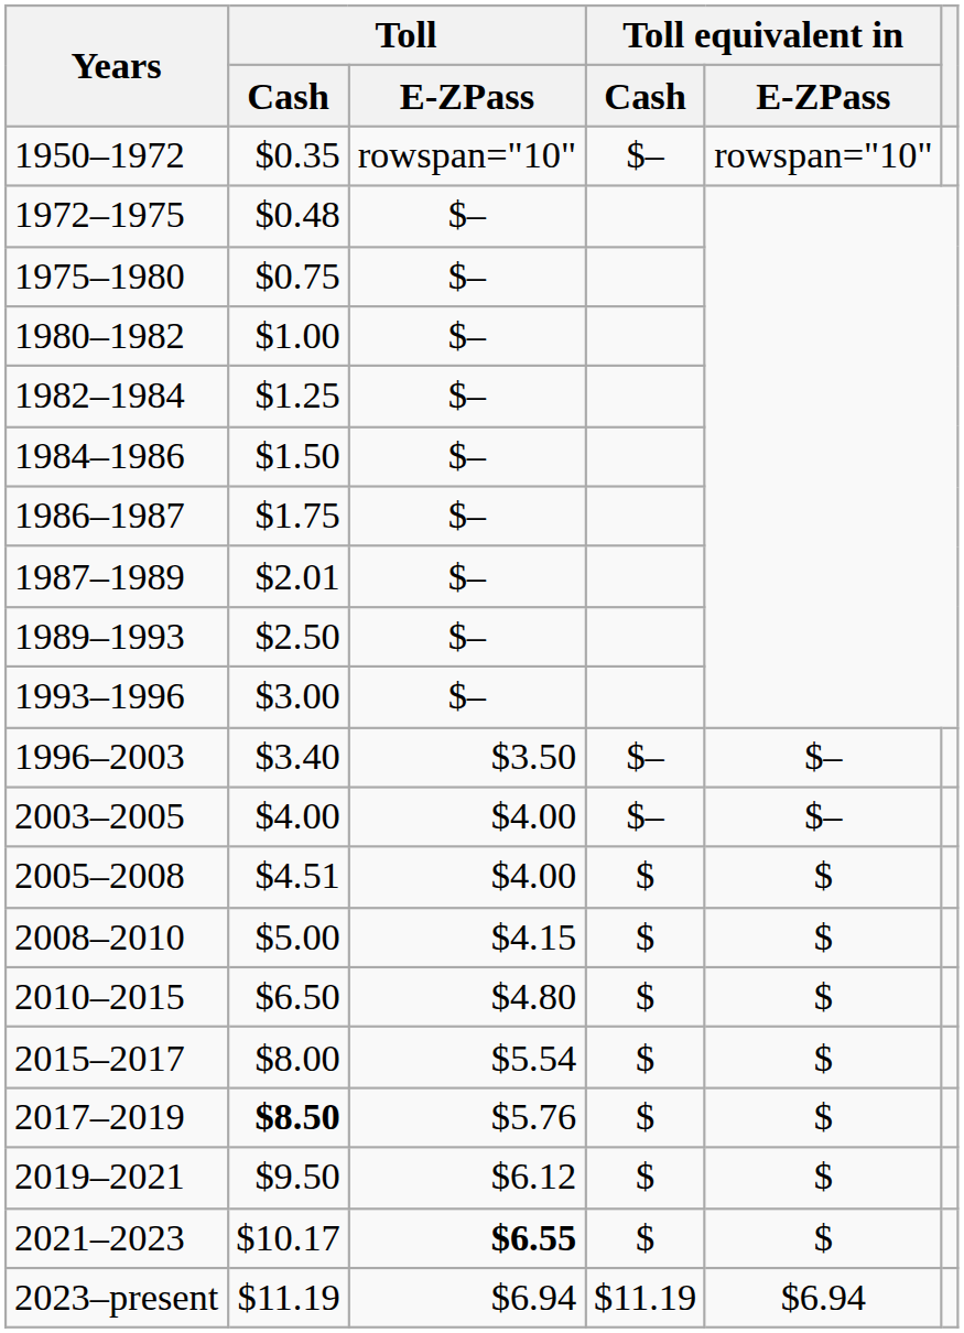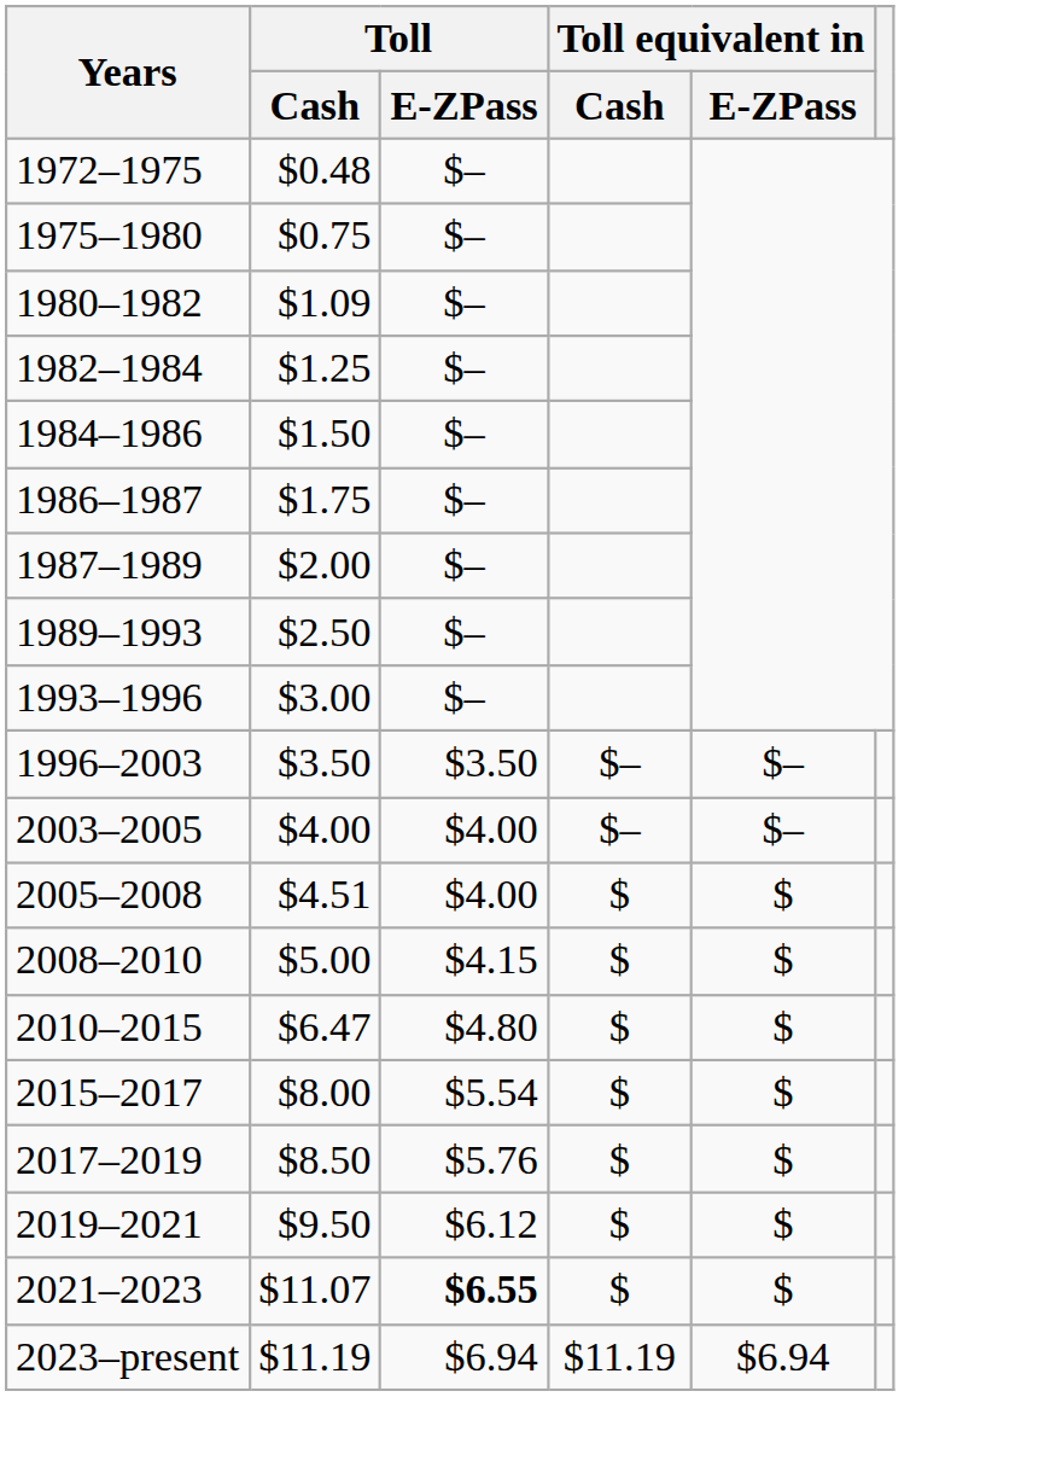 <table class="wikitable sortable">
 <tr>
 <th rowspan="2" scope="col">Years</th>
 <th colspan="2" scope="col">Toll</th>
 <th colspan="2" scope="col">Toll equivalent in </th>
 <th rowspan="2" class="unsortable"></th>
 </tr>
 <tr>
 <th>Cash</th>
 <th>E-ZPass</th>
 <th>Cash</th>
 <th>E-ZPass</th>
-</tr>
-<tr>
-<td>1950–1972</td>
-<td align="right">$0.35</td>
-<td>rowspan="10" </td>
-<td align="center">$–</td>
-<td>rowspan="10" </td>
-<td></td>
 </tr>
 <tr>
 <td>1972–1975</td>
 <td align="right">$0.48</td>
 <td align="center">$–</td>
 <td></td>
 </tr>
 <tr>
 <td>1975–1980</td>
 <td align="right">$0.75</td>
 <td align="center">$–</td>
 <td></td>
 </tr>
 <tr>
 <td>1980–1982</td>
-<td align="right">$1.00</td>
+<td align="right">$1.09</td>
 <td align="center">$–</td>
 <td></td>
 </tr>
 <tr>
 <td>1982–1984</td>
 <td align="right">$1.25</td>
 <td align="center">$–</td>
 <td></td>
 </tr>
 <tr>
 <td>1984–1986</td>
 <td align="right">$1.50</td>
 <td align="center">$–</td>
 <td></td>
 </tr>
 <tr>
 <td>1986–1987</td>
 <td align="right">$1.75</td>
 <td align="center">$–</td>
 <td></td>
 </tr>
 <tr>
 <td>1987–1989</td>
-<td align="right">$2.01</td>
+<td align="right">$2.00</td>
 <td align="center">$–</td>
 <td></td>
 </tr>
 <tr>
 <td>1989–1993</td>
 <td align="right">$2.50</td>
 <td align="center">$–</td>
 <td></td>
 </tr>
 <tr>
 <td>1993–1996</td>
 <td align="right">$3.00</td>
 <td align="center">$–</td>
 <td></td>
 </tr>
 <tr>
 <td>1996–2003</td>
-<td align="right">$3.40</td>
+<td align="right">$3.50</td>
 <td align="right">$3.50</td>
 <td align="center">$–</td>
 <td align="center">$–</td>
 <td></td>
 </tr>
 <tr>
 <td>2003–2005</td>
 <td align="right">$4.00</td>
 <td align="right">$4.00</td>
 <td align="center">$–</td>
 <td align="center">$–</td>
 <td></td>
 </tr>
 <tr>
 <td>2005–2008</td>
 <td align="right">$4.51</td>
 <td align="right">$4.00</td>
 <td align="center">$</td>
 <td align="center">$</td>
 <td></td>
 </tr>
 <tr>
 <td>2008–2010</td>
 <td align="right">$5.00</td>
 <td align="right">$4.15</td>
 <td align="center">$</td>
 <td align="center">$</td>
 <td></td>
 </tr>
 <tr>
 <td>2010–2015</td>
-<td align="right">$6.50</td>
+<td align="right">$6.47</td>
 <td align="right">$4.80</td>
 <td align="center">$</td>
 <td align="center">$</td>
 <td></td>
 </tr>
 <tr>
 <td>2015–2017</td>
 <td align="right">$8.00</td>
 <td align="right">$5.54</td>
 <td align="center">$</td>
 <td align="center">$</td>
 <td></td>
 </tr>
 <tr>
 <td>2017–2019</td>
-<td align="right"><strong>$8.50</strong></td>
+<td align="right">$8.50</td>
 <td align="right">$5.76</td>
 <td align="center">$</td>
 <td align="center">$</td>
 <td></td>
 </tr>
 <tr>
 <td>2019–2021</td>
 <td align="right">$9.50</td>
 <td align="right">$6.12</td>
 <td align="center">$</td>
 <td align="center">$</td>
 <td></td>
 </tr>
 <tr>
 <td>2021–2023</td>
-<td align="right">$10.17</td>
+<td align="right">$11.07</td>
 <td align="right"><strong>$6.55</strong></td>
 <td align="center">$</td>
 <td align="center">$</td>
 <td></td>
 </tr>
 <tr>
 <td>2023–present</td>
 <td align="right">$11.19</td>
 <td align="right">$6.94</td>
 <td align="center">$11.19</td>
 <td align="center">$6.94</td>
 <td></td>
 </tr>
 </table>
